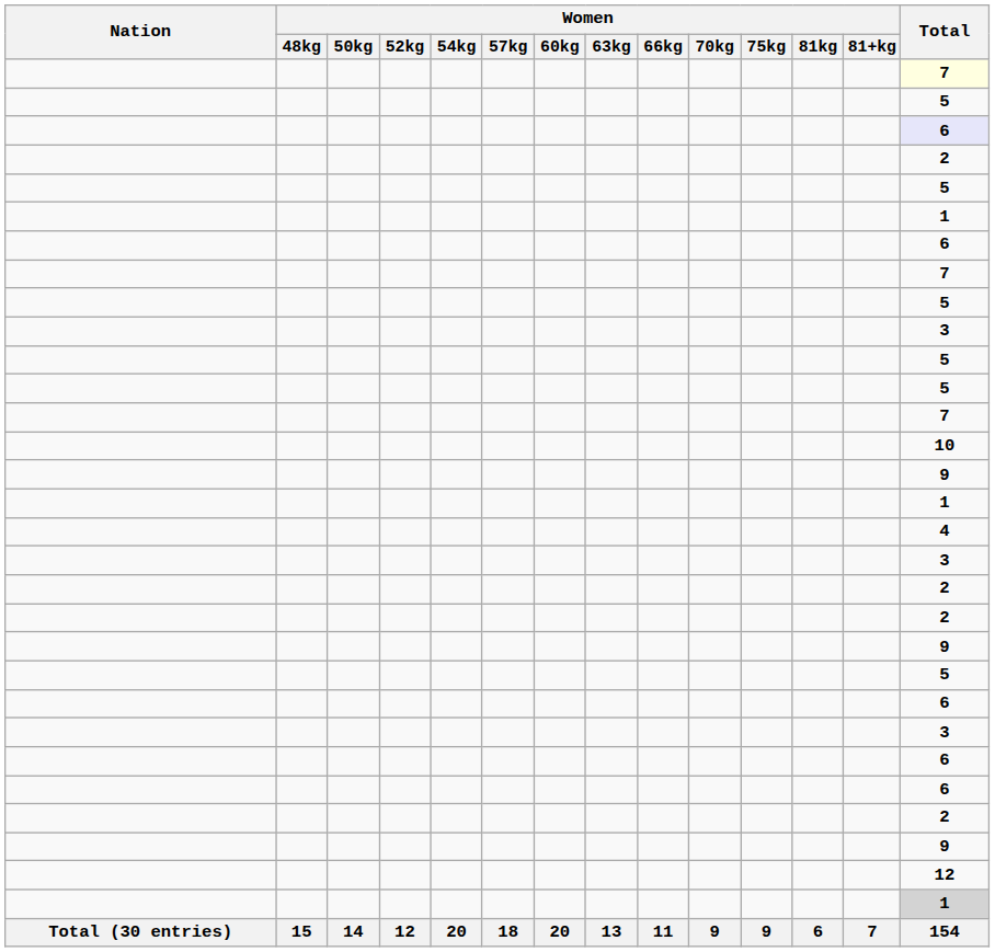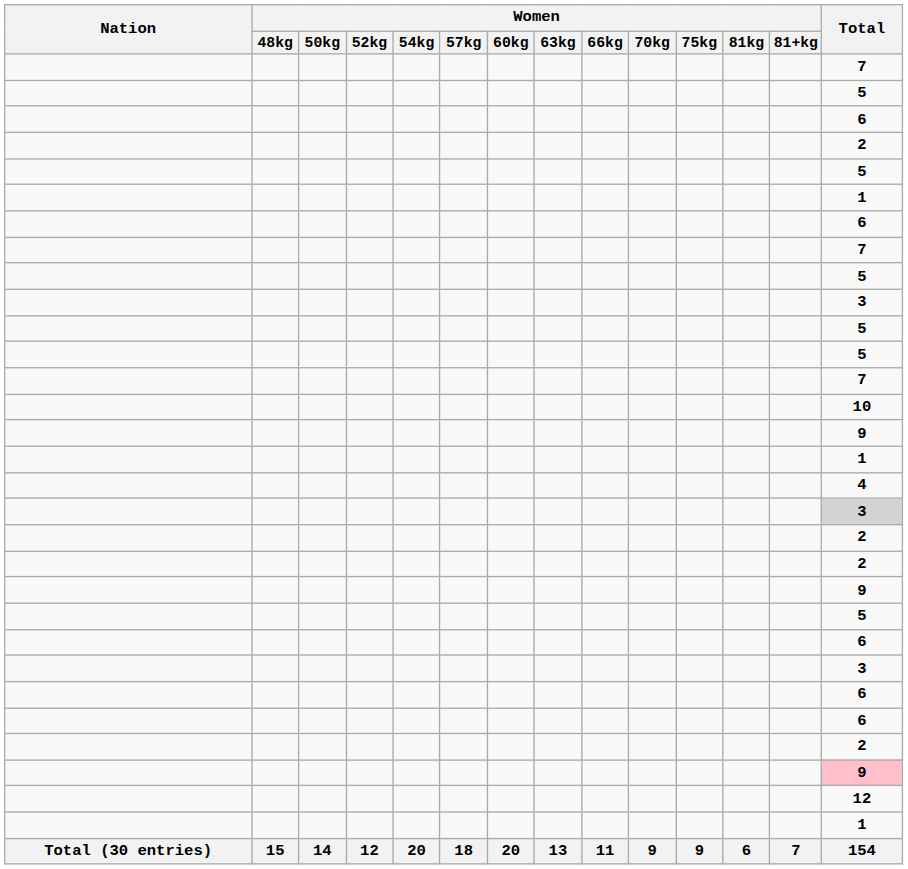 <table class="wikitable sortable" style="text-align:center; font-size:90%">
 <tr>
 <th rowspan=2 width=180>Nation</th>
 <th colspan=12>Women</th>
 <th rowspan=2 width=55>Total</th>
 </tr>
 <tr style="font-size: 95%">
 <th width=30>48kg</th>
 <th width=30>50kg</th>
 <th width=30>52kg</th>
 <th width=30>54kg</th>
 <th width=30>57kg</th>
 <th width=30>60kg</th>
 <th width=30>63kg</th>
 <th width=30>66kg</th>
 <th width=30>70kg</th>
 <th width=30>75kg</th>
 <th width=30>81kg</th>
 <th width=30>81+kg</th>
 </tr>
 <tr>
 <td align=left></td>
 <td></td>
 <td></td>
 <td></td>
 <td></td>
 <td></td>
 <td></td>
 <td></td>
 <td></td>
 <td></td>
 <td></td>
 <td></td>
 <td></td>
-<td style="background: lightyellow;"><strong>7</strong></td>
+<td><strong>7</strong></td>
 </tr>
 <tr>
 <td align=left></td>
 <td></td>
 <td></td>
 <td></td>
 <td></td>
 <td></td>
 <td></td>
 <td></td>
 <td></td>
 <td></td>
 <td></td>
 <td></td>
 <td></td>
 <td><strong>5</strong></td>
 </tr>
 <tr>
 <td align=left></td>
 <td></td>
 <td></td>
 <td></td>
 <td></td>
 <td></td>
 <td></td>
 <td></td>
 <td></td>
 <td></td>
 <td></td>
 <td></td>
 <td></td>
-<td style="background: lavender;"><strong>6</strong></td>
+<td><strong>6</strong></td>
 </tr>
 <tr>
 <td align=left></td>
 <td></td>
 <td></td>
 <td></td>
 <td></td>
 <td></td>
 <td></td>
 <td></td>
 <td></td>
 <td></td>
 <td></td>
 <td></td>
 <td></td>
 <td><strong>2</strong></td>
 </tr>
 <tr>
 <td align=left></td>
 <td></td>
 <td></td>
 <td></td>
 <td></td>
 <td></td>
 <td></td>
 <td></td>
 <td></td>
 <td></td>
 <td></td>
 <td></td>
 <td></td>
 <td><strong>5</strong></td>
 </tr>
 <tr>
 <td align=left></td>
 <td></td>
 <td></td>
 <td></td>
 <td></td>
 <td></td>
 <td></td>
 <td></td>
 <td></td>
 <td></td>
 <td></td>
 <td></td>
 <td></td>
 <td><strong>1</strong></td>
 </tr>
 <tr>
 <td align=left></td>
 <td></td>
 <td></td>
 <td></td>
 <td></td>
 <td></td>
 <td></td>
 <td></td>
 <td></td>
 <td></td>
 <td></td>
 <td></td>
 <td></td>
 <td><strong>6</strong></td>
 </tr>
 <tr>
 <td align=left></td>
 <td></td>
 <td></td>
 <td></td>
 <td></td>
 <td></td>
 <td></td>
 <td></td>
 <td></td>
 <td></td>
 <td></td>
 <td></td>
 <td></td>
 <td><strong>7</strong></td>
 </tr>
 <tr>
 <td align=left></td>
 <td></td>
 <td></td>
 <td></td>
 <td></td>
 <td></td>
 <td></td>
 <td></td>
 <td></td>
 <td></td>
 <td></td>
 <td></td>
 <td></td>
 <td><strong>5</strong></td>
 </tr>
 <tr>
 <td align=left></td>
 <td></td>
 <td></td>
 <td></td>
 <td></td>
 <td></td>
 <td></td>
 <td></td>
 <td></td>
 <td></td>
 <td></td>
 <td></td>
 <td></td>
 <td><strong>3</strong></td>
 </tr>
 <tr>
 <td align=left></td>
 <td></td>
 <td></td>
 <td></td>
 <td></td>
 <td></td>
 <td></td>
 <td></td>
 <td></td>
 <td></td>
 <td></td>
 <td></td>
 <td></td>
 <td><strong>5</strong></td>
 </tr>
 <tr>
 <td align=left></td>
 <td></td>
 <td></td>
 <td></td>
 <td></td>
 <td></td>
 <td></td>
 <td></td>
 <td></td>
 <td></td>
 <td></td>
 <td></td>
 <td></td>
 <td><strong>5</strong></td>
 </tr>
 <tr>
 <td align=left></td>
 <td></td>
 <td></td>
 <td></td>
 <td></td>
 <td></td>
 <td></td>
 <td></td>
 <td></td>
 <td></td>
 <td></td>
 <td></td>
 <td></td>
 <td><strong>7</strong></td>
 </tr>
 <tr>
 <td align=left></td>
 <td></td>
 <td></td>
 <td></td>
 <td></td>
 <td></td>
 <td></td>
 <td></td>
 <td></td>
 <td></td>
 <td></td>
 <td></td>
 <td></td>
 <td><strong>10</strong></td>
 </tr>
 <tr>
 <td align=left></td>
 <td></td>
 <td></td>
 <td></td>
 <td></td>
 <td></td>
 <td></td>
 <td></td>
 <td></td>
 <td></td>
 <td></td>
 <td></td>
 <td></td>
 <td><strong>9</strong></td>
 </tr>
 <tr>
 <td align=left></td>
 <td></td>
 <td></td>
 <td></td>
 <td></td>
 <td></td>
 <td></td>
 <td></td>
 <td></td>
 <td></td>
 <td></td>
 <td></td>
 <td></td>
 <td><strong>1</strong></td>
 </tr>
 <tr>
 <td align=left></td>
 <td></td>
 <td></td>
 <td></td>
 <td></td>
 <td></td>
 <td></td>
 <td></td>
 <td></td>
 <td></td>
 <td></td>
 <td></td>
 <td></td>
 <td><strong>4</strong></td>
 </tr>
 <tr>
 <td align=left></td>
 <td></td>
 <td></td>
 <td></td>
 <td></td>
 <td></td>
 <td></td>
 <td></td>
 <td></td>
 <td></td>
 <td></td>
 <td></td>
 <td></td>
-<td><strong>3</strong></td>
+<td style="background: lightgrey;"><strong>3</strong></td>
 </tr>
 <tr>
 <td align=left></td>
 <td></td>
 <td></td>
 <td></td>
 <td></td>
 <td></td>
 <td></td>
 <td></td>
 <td></td>
 <td></td>
 <td></td>
 <td></td>
 <td></td>
 <td><strong>2</strong></td>
 </tr>
 <tr>
 <td align=left></td>
 <td></td>
 <td></td>
 <td></td>
 <td></td>
 <td></td>
 <td></td>
 <td></td>
 <td></td>
 <td></td>
 <td></td>
 <td></td>
 <td></td>
 <td><strong>2</strong></td>
 </tr>
 <tr>
 <td align=left></td>
 <td></td>
 <td></td>
 <td></td>
 <td></td>
 <td></td>
 <td></td>
 <td></td>
 <td></td>
 <td></td>
 <td></td>
 <td></td>
 <td></td>
 <td><strong>9</strong></td>
 </tr>
 <tr>
 <td align=left></td>
 <td></td>
 <td></td>
 <td></td>
 <td></td>
 <td></td>
 <td></td>
 <td></td>
 <td></td>
 <td></td>
 <td></td>
 <td></td>
 <td></td>
 <td><strong>5</strong></td>
 </tr>
 <tr>
 <td align=left></td>
 <td></td>
 <td></td>
 <td></td>
 <td></td>
 <td></td>
 <td></td>
 <td></td>
 <td></td>
 <td></td>
 <td></td>
 <td></td>
 <td></td>
 <td><strong>6</strong></td>
 </tr>
 <tr>
 <td align=left></td>
 <td></td>
 <td></td>
 <td></td>
 <td></td>
 <td></td>
 <td></td>
 <td></td>
 <td></td>
 <td></td>
 <td></td>
 <td></td>
 <td></td>
 <td><strong>3</strong></td>
 </tr>
 <tr>
 <td align=left></td>
 <td></td>
 <td></td>
 <td></td>
 <td></td>
 <td></td>
 <td></td>
 <td></td>
 <td></td>
 <td></td>
 <td></td>
 <td></td>
 <td></td>
 <td><strong>6</strong></td>
 </tr>
 <tr>
 <td align=left></td>
 <td></td>
 <td></td>
 <td></td>
 <td></td>
 <td></td>
 <td></td>
 <td></td>
 <td></td>
 <td></td>
 <td></td>
 <td></td>
 <td></td>
 <td><strong>6</strong></td>
 </tr>
 <tr>
 <td align=left></td>
 <td></td>
 <td></td>
 <td></td>
 <td></td>
 <td></td>
 <td></td>
 <td></td>
 <td></td>
 <td></td>
 <td></td>
 <td></td>
 <td></td>
 <td><strong>2</strong></td>
 </tr>
 <tr>
 <td align=left></td>
 <td></td>
 <td></td>
 <td></td>
 <td></td>
 <td></td>
 <td></td>
 <td></td>
 <td></td>
 <td></td>
 <td></td>
 <td></td>
 <td></td>
-<td><strong>9</strong></td>
+<td style="background: pink;"><strong>9</strong></td>
 </tr>
 <tr>
 <td align=left></td>
 <td></td>
 <td></td>
 <td></td>
 <td></td>
 <td></td>
 <td></td>
 <td></td>
 <td></td>
 <td></td>
 <td></td>
 <td></td>
 <td></td>
 <td><strong>12</strong></td>
 </tr>
 <tr>
 <td align=left></td>
 <td></td>
 <td></td>
 <td></td>
 <td></td>
 <td></td>
 <td></td>
 <td></td>
 <td></td>
 <td></td>
 <td></td>
 <td></td>
 <td></td>
-<td style="background: lightgrey;"><strong>1</strong></td>
+<td><strong>1</strong></td>
 </tr>
 <tr>
 <th>Total (30 entries)</th>
 <th>15</th>
 <th>14</th>
 <th>12</th>
 <th>20</th>
 <th>18</th>
 <th>20</th>
 <th>13</th>
 <th>11</th>
 <th>9</th>
 <th>9</th>
 <th>6</th>
 <th>7</th>
 <th>154</th>
 </tr>
 </table>
